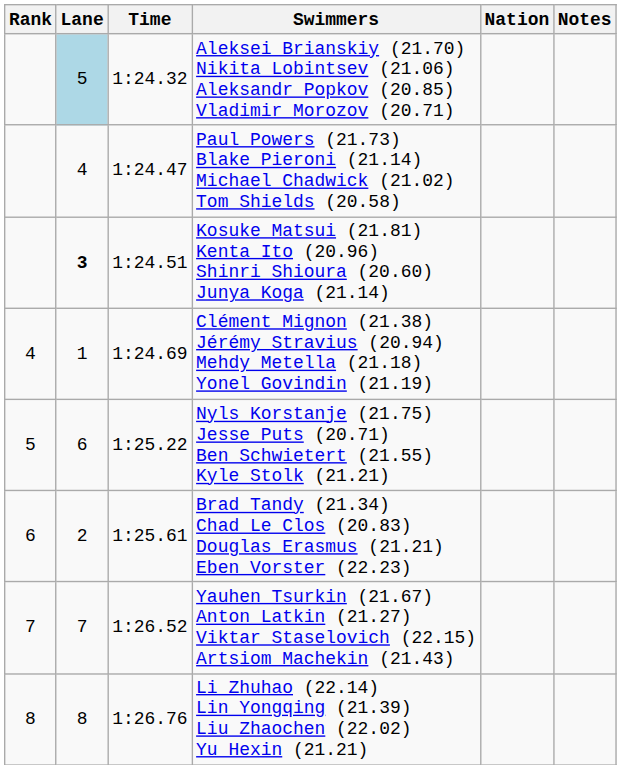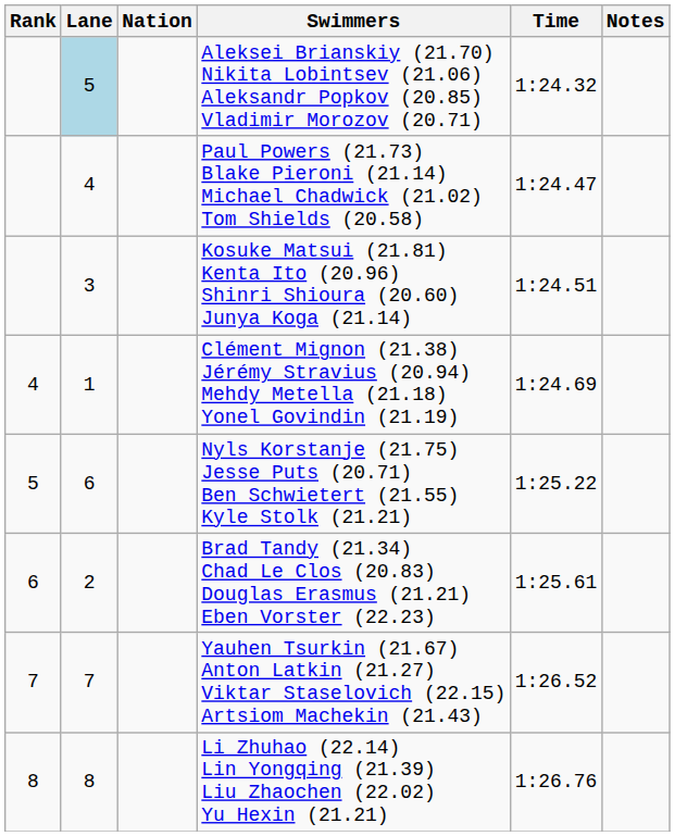 <table class="wikitable sortable" style="text-align:center">
 <tr>
 <th>Rank</th>
 <th>Lane</th>
+<th>Nation</th>
+<th>Swimmers</th>
 <th>Time</th>
-<th>Swimmers</th>
-<th>Nation</th>
 <th>Notes</th>
 </tr>
 <tr>
 <td></td>
 <td style="background: lightblue;">5</td>
+<td align=left></td>
+<td align=left><a href='#'>Aleksei Brianskiy</a> (21.70)<br><a href='#'>Nikita Lobintsev</a> (21.06)<br><a href='#'>Aleksandr Popkov</a> (20.85)<br><a href='#'>Vladimir Morozov</a> (20.71)</td>
 <td>1:24.32</td>
-<td align=left><a href='#'>Aleksei Brianskiy</a> (21.70)<br><a href='#'>Nikita Lobintsev</a> (21.06)<br><a href='#'>Aleksandr Popkov</a> (20.85)<br><a href='#'>Vladimir Morozov</a> (20.71)</td>
-<td align=left></td>
 <td></td>
 </tr>
 <tr>
 <td></td>
 <td>4</td>
+<td align=left></td>
+<td align=left><a href='#'>Paul Powers</a> (21.73)<br><a href='#'>Blake Pieroni</a> (21.14)<br><a href='#'>Michael Chadwick</a> (21.02)<br><a href='#'>Tom Shields</a> (20.58)</td>
 <td>1:24.47</td>
-<td align=left><a href='#'>Paul Powers</a> (21.73)<br><a href='#'>Blake Pieroni</a> (21.14)<br><a href='#'>Michael Chadwick</a> (21.02)<br><a href='#'>Tom Shields</a> (20.58)</td>
-<td align=left></td>
 <td></td>
 </tr>
 <tr>
 <td></td>
-<td><strong>3</strong></td>
+<td>3</td>
+<td align=left></td>
+<td align=left><a href='#'>Kosuke Matsui</a> (21.81)<br><a href='#'>Kenta Ito</a> (20.96)<br><a href='#'>Shinri Shioura</a> (20.60)<br><a href='#'>Junya Koga</a> (21.14)</td>
 <td>1:24.51</td>
-<td align=left><a href='#'>Kosuke Matsui</a> (21.81)<br><a href='#'>Kenta Ito</a> (20.96)<br><a href='#'>Shinri Shioura</a> (20.60)<br><a href='#'>Junya Koga</a> (21.14)</td>
-<td align=left></td>
 <td></td>
 </tr>
 <tr>
 <td>4</td>
 <td>1</td>
+<td align=left></td>
+<td align=left><a href='#'>Clément Mignon</a> (21.38)<br><a href='#'>Jérémy Stravius</a> (20.94)<br><a href='#'>Mehdy Metella</a> (21.18)<br><a href='#'>Yonel Govindin</a> (21.19)</td>
 <td>1:24.69</td>
-<td align=left><a href='#'>Clément Mignon</a> (21.38)<br><a href='#'>Jérémy Stravius</a> (20.94)<br><a href='#'>Mehdy Metella</a> (21.18)<br><a href='#'>Yonel Govindin</a> (21.19)</td>
-<td align=left></td>
 <td></td>
 </tr>
 <tr>
 <td>5</td>
 <td>6</td>
+<td align=left></td>
+<td align=left><a href='#'>Nyls Korstanje</a> (21.75)<br><a href='#'>Jesse Puts</a> (20.71)<br><a href='#'>Ben Schwietert</a> (21.55)<br><a href='#'>Kyle Stolk</a> (21.21)</td>
 <td>1:25.22</td>
-<td align=left><a href='#'>Nyls Korstanje</a> (21.75)<br><a href='#'>Jesse Puts</a> (20.71)<br><a href='#'>Ben Schwietert</a> (21.55)<br><a href='#'>Kyle Stolk</a> (21.21)</td>
-<td align=left></td>
 <td></td>
 </tr>
 <tr>
 <td>6</td>
 <td>2</td>
+<td align=left></td>
+<td align=left><a href='#'>Brad Tandy</a> (21.34)<br><a href='#'>Chad Le Clos</a> (20.83)<br><a href='#'>Douglas Erasmus</a> (21.21)<br><a href='#'>Eben Vorster</a> (22.23)</td>
 <td>1:25.61</td>
-<td align=left><a href='#'>Brad Tandy</a> (21.34)<br><a href='#'>Chad Le Clos</a> (20.83)<br><a href='#'>Douglas Erasmus</a> (21.21)<br><a href='#'>Eben Vorster</a> (22.23)</td>
-<td align=left></td>
 <td></td>
 </tr>
 <tr>
 <td>7</td>
 <td>7</td>
+<td align=left></td>
+<td align=left><a href='#'>Yauhen Tsurkin</a> (21.67)<br><a href='#'>Anton Latkin</a> (21.27)<br><a href='#'>Viktar Staselovich</a> (22.15)<br><a href='#'>Artsiom Machekin</a> (21.43)</td>
 <td>1:26.52</td>
-<td align=left><a href='#'>Yauhen Tsurkin</a> (21.67)<br><a href='#'>Anton Latkin</a> (21.27)<br><a href='#'>Viktar Staselovich</a> (22.15)<br><a href='#'>Artsiom Machekin</a> (21.43)</td>
-<td align=left></td>
 <td></td>
 </tr>
 <tr>
 <td>8</td>
 <td>8</td>
+<td align=left></td>
+<td align=left><a href='#'>Li Zhuhao</a> (22.14)<br><a href='#'>Lin Yongqing</a> (21.39)<br><a href='#'>Liu Zhaochen</a> (22.02)<br><a href='#'>Yu Hexin</a> (21.21)</td>
 <td>1:26.76</td>
-<td align=left><a href='#'>Li Zhuhao</a> (22.14)<br><a href='#'>Lin Yongqing</a> (21.39)<br><a href='#'>Liu Zhaochen</a> (22.02)<br><a href='#'>Yu Hexin</a> (21.21)</td>
-<td align=left></td>
 <td></td>
 </tr>
 </table>
